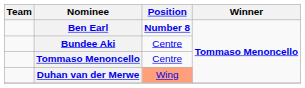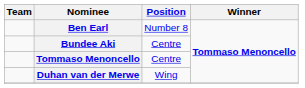 <table class="wikitable sortable" style="text-align:center;">
 <tr>
 <th>Team</th>
 <th>Nominee</th>
 <th><a href='#'>Position</a></th>
 <th>Winner</th>
 </tr>
 <tr>
 <td align=left></td>
 <th><a href='#'>Ben Earl</a></th>
-<td><strong><a href='#'>Number 8</a></strong></td>
+<td><a href='#'>Number 8</a></td>
 <td rowspan=4> <strong><a href='#'>Tommaso Menoncello</a></strong></td>
 </tr>
 <tr>
 <td align=left></td>
 <th><a href='#'>Bundee Aki</a></th>
 <td><a href='#'>Centre</a></td>
 </tr>
 <tr>
 <td align=left></td>
 <th><a href='#'>Tommaso Menoncello</a></th>
 <td><a href='#'>Centre</a></td>
 </tr>
 <tr>
 <td align=left></td>
 <th><a href='#'>Duhan van der Merwe</a></th>
-<td style="background: lightsalmon;"><a href='#'>Wing</a></td>
+<td><a href='#'>Wing</a></td>
 </tr>
 <tr>
 </tr>
 </table>
